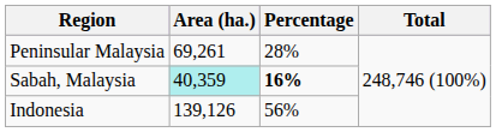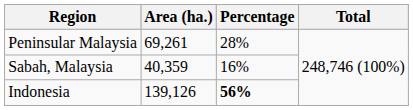 <table class="wikitable">
 <tr style="background:#96c; text-align:center;">
 <th style="text-align:center;">Region</th>
 <th>Area (ha.)</th>
 <th>Percentage</th>
 <th>Total</th>
 </tr>
 <tr>
 <td>Peninsular Malaysia</td>
 <td>69,261</td>
 <td>28%</td>
 <td rowspan="3">248,746 (100%)</td>
 </tr>
 <tr>
 <td>Sabah, Malaysia</td>
-<td style="background: paleturquoise;">40,359</td>
-<td><strong>16%</strong></td>
+<td>40,359</td>
+<td>16%</td>
 </tr>
 <tr>
 <td>Indonesia</td>
 <td>139,126</td>
-<td>56%</td>
+<td><strong>56%</strong></td>
 </tr>
 </table>
